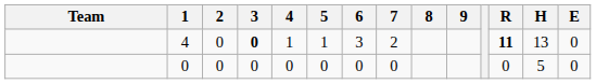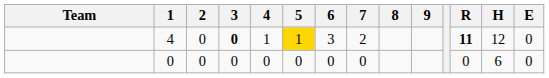 <table border=1 cellspacing=0 width=600 style="margin-left:3em;" class="wikitable">
 <tr style="text-align:center; background-color:#e6e6e6;">
 <th align=left width=28%>Team</th>
 <th width=6%>1</th>
 <th width=6%>2</th>
 <th width=6%>3</th>
 <th width=6%>4</th>
 <th width=6%>5</th>
 <th width=6%>6</th>
 <th width=6%>7</th>
 <th width=6%>8</th>
 <th width=6%>9</th>
 <th rowspan="3" width=0.5%></th>
 <th width=6%>R</th>
 <th width=6%>H</th>
 <th width=6%>E</th>
 </tr>
 <tr style="text-align:center;">
 <td align=left></td>
 <td>4</td>
 <td>0</td>
 <td><strong>0</strong></td>
 <td>1</td>
-<td>1</td>
+<td style="background: gold;">1</td>
 <td>3</td>
 <td>2</td>
 <td></td>
 <td></td>
 <td><strong>11</strong></td>
-<td>13</td>
+<td>12</td>
 <td>0</td>
 </tr>
 <tr style="text-align:center;">
 <td align=left></td>
 <td>0</td>
 <td>0</td>
 <td>0</td>
 <td>0</td>
 <td>0</td>
 <td>0</td>
 <td>0</td>
 <td></td>
 <td></td>
 <td>0</td>
-<td>5</td>
+<td>6</td>
 <td>0</td>
 </tr>
 </table>
